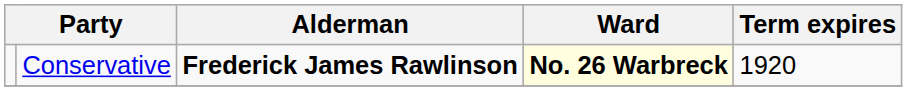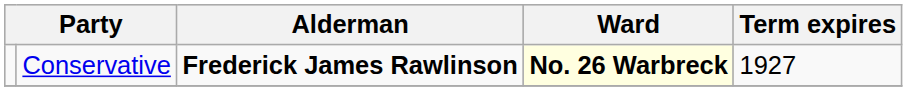 <table class="wikitable">
 <tr>
 <th colspan="2">Party</th>
 <th>Alderman</th>
 <th>Ward</th>
 <th>Term expires</th>
 </tr>
 <tr>
 <td style="background-color:"></td>
 <td><a href='#'>Conservative</a></td>
 <td><strong>Frederick James Rawlinson</strong></td>
 <td style="background: lightyellow;"><strong>No. 26 Warbreck</strong></td>
-<td>1920</td>
+<td>1927</td>
 </tr>
 <tr>
 </tr>
 </table>
